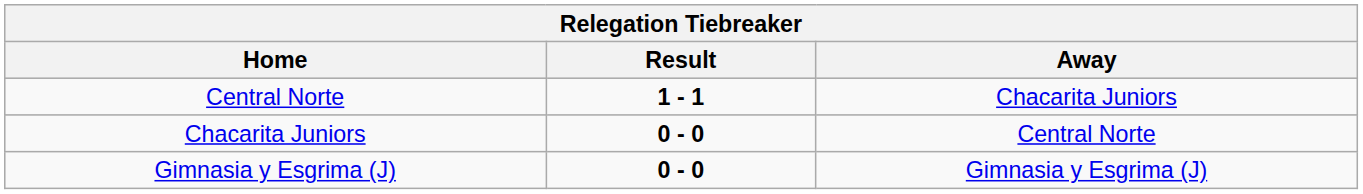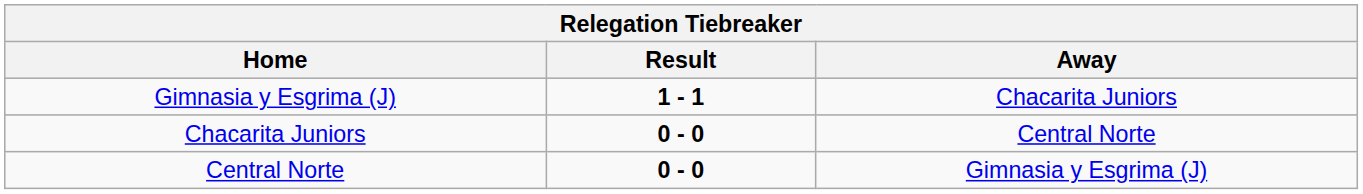 <table align=center class="wikitable collapsible collapsed" style="font-size:95%; text-align: center; width: 70%;">
 <tr>
 <th colspan=100% style="with: 100%;" align=center>Relegation Tiebreaker</th>
 </tr>
 <tr>
 <th width=30%>Home</th>
 <th width=15%>Result</th>
 <th width=30%>Away</th>
 </tr>
 <tr align=center>
-<td><a href='#'>Central Norte</a></td>
+<td><a href='#'>Gimnasia y Esgrima (J)</a></td>
 <td><strong>1 - 1</strong></td>
 <td><a href='#'>Chacarita Juniors</a></td>
 </tr>
 <tr align=center>
 <td><a href='#'>Chacarita Juniors</a></td>
 <td><strong>0 - 0</strong></td>
 <td><a href='#'>Central Norte</a></td>
 </tr>
 <tr align=center>
-<td><a href='#'>Gimnasia y Esgrima (J)</a></td>
+<td><a href='#'>Central Norte</a></td>
 <td><strong>0 - 0</strong></td>
 <td><a href='#'>Gimnasia y Esgrima (J)</a></td>
 </tr>
 </table>
